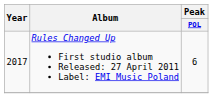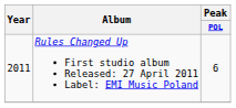 <table class="wikitable" style=text-align:center;>
 <tr>
 <th rowspan="2">Year</th>
 <th rowspan="2">Album</th>
 <th colspan="1">Peak</th>
 </tr>
 <tr style=font-size:smaller>
 <th width=35><a href='#'>POL</a></th>
 </tr>
 <tr>
-<td>2017</td>
+<td>2011</td>
 <td align="left"><em><a href='#'>Rules Changed Up</a></em><br><ul><li>First studio album</li><li>Released: 27 April 2011</li><li>Label: <a href='#'>EMI Music Poland</a></li></ul></td>
 <td>6</td>
 </tr>
 <tr>
 </tr>
 </table>
